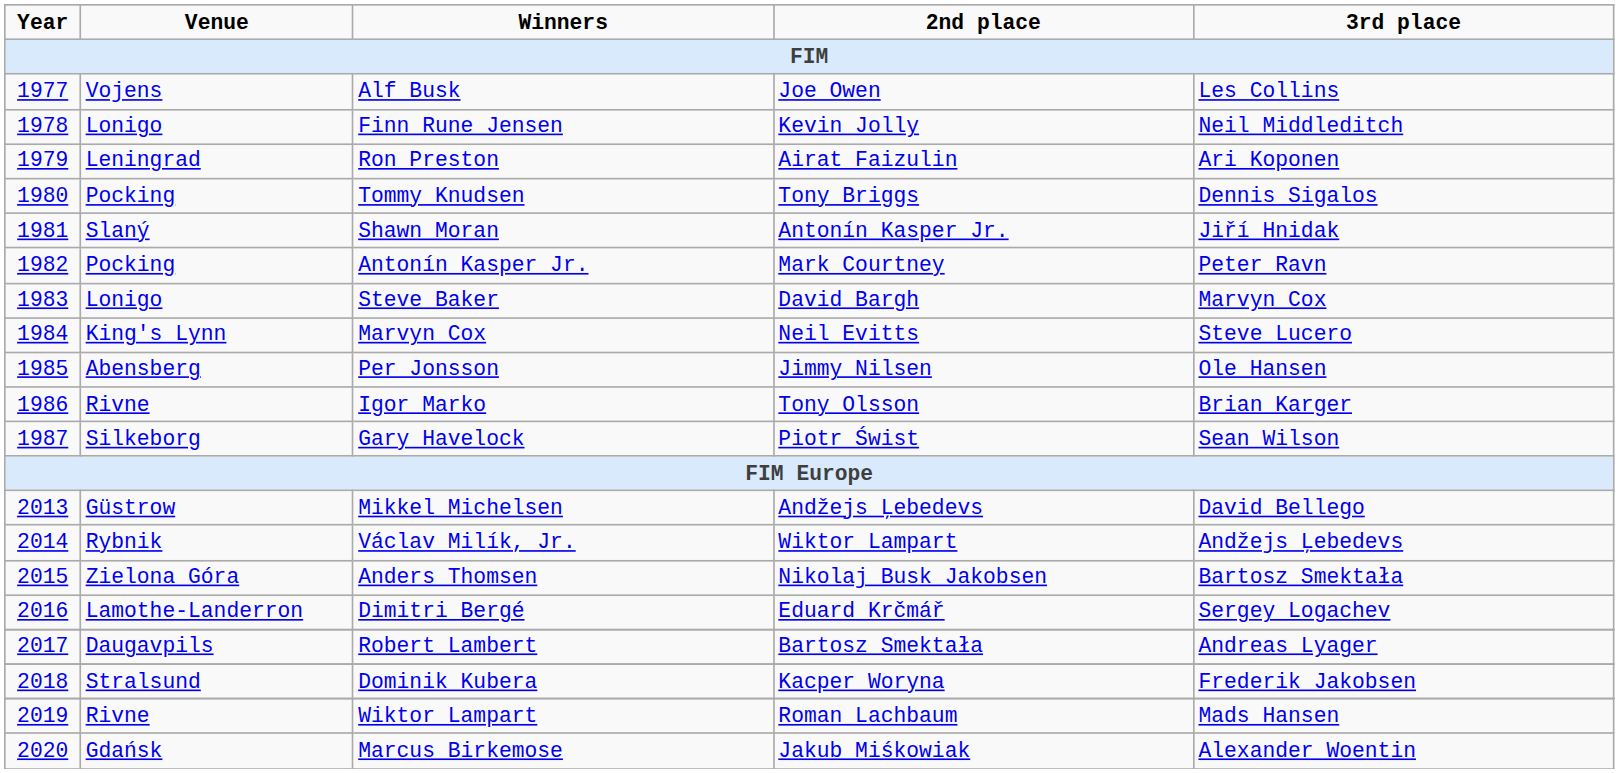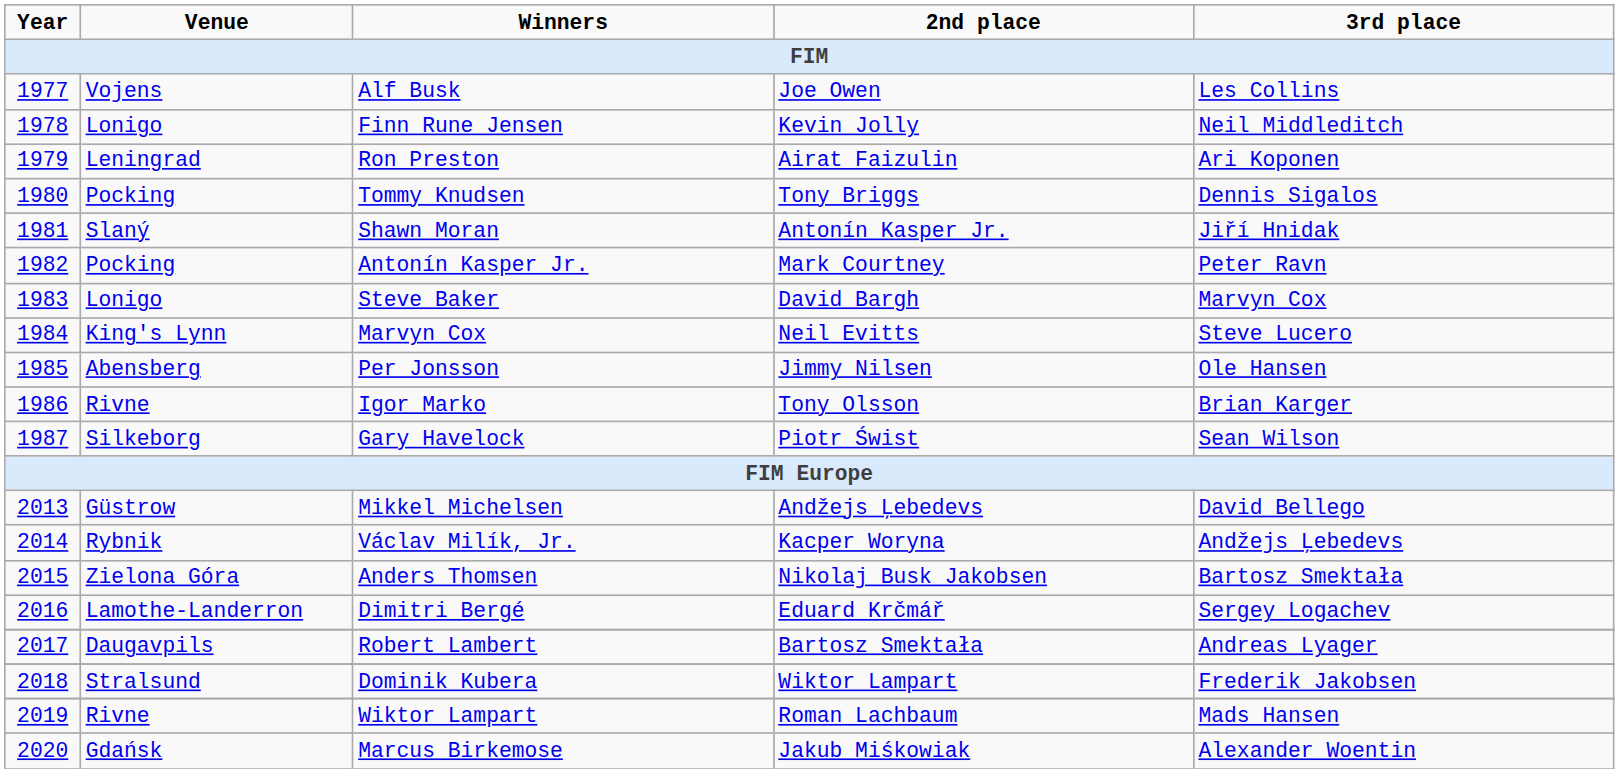 <table class="wikitable">
 <tr align=center>
 <td width=40px  ><strong>Year</strong></td>
 <td width=160px ><strong>Venue</strong></td>
 <td width=250px ><strong>Winners</strong></td>
 <td width=250px ><strong>2nd place</strong></td>
 <td width=250px ><strong>3rd place</strong></td>
 </tr>
 <tr class="sortbottom">
 <td colspan="6" style="border:0;opacity:.75; background-color:#D0E6FF"; align=center><strong>FIM</strong></td>
 </tr>
 <tr>
 <td align=center><a href='#'>1977</a></td>
 <td> <a href='#'>Vojens</a></td>
 <td> <a href='#'>Alf Busk</a></td>
 <td> <a href='#'>Joe Owen</a></td>
 <td> <a href='#'>Les Collins</a></td>
 </tr>
 <tr>
 <td align=center><a href='#'>1978</a></td>
 <td> <a href='#'>Lonigo</a></td>
 <td> <a href='#'>Finn Rune Jensen</a></td>
 <td> <a href='#'>Kevin Jolly</a></td>
 <td> <a href='#'>Neil Middleditch</a></td>
 </tr>
 <tr>
 <td align=center><a href='#'>1979</a></td>
 <td> <a href='#'>Leningrad</a></td>
 <td> <a href='#'>Ron Preston</a></td>
 <td> <a href='#'>Airat Faizulin</a></td>
 <td> <a href='#'>Ari Koponen</a></td>
 </tr>
 <tr>
 <td align=center><a href='#'>1980</a></td>
 <td> <a href='#'>Pocking</a></td>
 <td> <a href='#'>Tommy Knudsen</a></td>
 <td> <a href='#'>Tony Briggs</a></td>
 <td> <a href='#'>Dennis Sigalos</a></td>
 </tr>
 <tr>
 <td align=center><a href='#'>1981</a></td>
 <td> <a href='#'>Slaný</a></td>
 <td> <a href='#'>Shawn Moran</a></td>
 <td> <a href='#'>Antonín Kasper Jr.</a></td>
 <td> <a href='#'>Jiří Hnidak</a></td>
 </tr>
 <tr>
 <td align=center><a href='#'>1982</a></td>
 <td> <a href='#'>Pocking</a></td>
 <td> <a href='#'>Antonín Kasper Jr.</a></td>
 <td> <a href='#'>Mark Courtney</a></td>
 <td> <a href='#'>Peter Ravn</a></td>
 </tr>
 <tr>
 <td align=center><a href='#'>1983</a></td>
 <td> <a href='#'>Lonigo</a></td>
 <td> <a href='#'>Steve Baker</a></td>
 <td> <a href='#'>David Bargh</a></td>
 <td> <a href='#'>Marvyn Cox</a></td>
 </tr>
 <tr>
 <td align=center><a href='#'>1984</a></td>
 <td> <a href='#'>King's Lynn</a></td>
 <td> <a href='#'>Marvyn Cox</a></td>
 <td> <a href='#'>Neil Evitts</a></td>
 <td> <a href='#'>Steve Lucero</a></td>
 </tr>
 <tr>
 <td align=center><a href='#'>1985</a></td>
 <td> <a href='#'>Abensberg</a></td>
 <td> <a href='#'>Per Jonsson</a></td>
 <td> <a href='#'>Jimmy Nilsen</a></td>
 <td> <a href='#'>Ole Hansen</a></td>
 </tr>
 <tr>
 <td align=center><a href='#'>1986</a></td>
 <td> <a href='#'>Rivne</a></td>
 <td> <a href='#'>Igor Marko</a></td>
 <td> <a href='#'>Tony Olsson</a></td>
 <td> <a href='#'>Brian Karger</a></td>
 </tr>
 <tr>
 <td align=center><a href='#'>1987</a></td>
 <td> <a href='#'>Silkeborg</a></td>
 <td> <a href='#'>Gary Havelock</a></td>
 <td> <a href='#'>Piotr Świst</a></td>
 <td> <a href='#'>Sean Wilson</a></td>
 </tr>
 <tr>
 </tr>
 <tr class="sortbottom">
 <td colspan="6" style="border:0;opacity:.75; background-color:#D0E6FF"; align=center><strong>FIM Europe</strong></td>
 </tr>
 <tr>
 <td align=center><a href='#'>2013</a></td>
 <td> <a href='#'>Güstrow</a></td>
 <td> <a href='#'>Mikkel Michelsen</a></td>
 <td> <a href='#'>Andžejs Ļebedevs</a></td>
 <td> <a href='#'>David Bellego</a></td>
 </tr>
 <tr>
 <td align=center><a href='#'>2014</a></td>
 <td> <a href='#'>Rybnik</a></td>
 <td> <a href='#'>Václav Milík, Jr.</a></td>
-<td> <a href='#'>Wiktor Lampart</a></td>
+<td> <a href='#'>Kacper Woryna</a></td>
 <td> <a href='#'>Andžejs Ļebedevs</a></td>
 </tr>
 <tr>
 <td align=center><a href='#'>2015</a></td>
 <td> <a href='#'>Zielona Góra</a></td>
 <td> <a href='#'>Anders Thomsen</a></td>
 <td> <a href='#'>Nikolaj Busk Jakobsen</a></td>
 <td> <a href='#'>Bartosz Smektała</a></td>
 </tr>
 <tr>
 <td align=center><a href='#'>2016</a></td>
 <td> <a href='#'>Lamothe-Landerron</a></td>
 <td> <a href='#'>Dimitri Bergé</a></td>
 <td> <a href='#'>Eduard Krčmář</a></td>
 <td> <a href='#'>Sergey Logachev</a></td>
 </tr>
 <tr align=center>
 </tr>
 <tr>
 <td align=center><a href='#'>2017</a></td>
 <td> <a href='#'>Daugavpils</a></td>
 <td> <a href='#'>Robert Lambert</a></td>
 <td> <a href='#'>Bartosz Smektała</a></td>
 <td> <a href='#'>Andreas Lyager</a></td>
 </tr>
 <tr align=center>
 </tr>
 <tr>
 <td align=center><a href='#'>2018</a></td>
 <td> <a href='#'>Stralsund</a></td>
 <td> <a href='#'>Dominik Kubera</a></td>
-<td> <a href='#'>Kacper Woryna</a></td>
+<td> <a href='#'>Wiktor Lampart</a></td>
 <td> <a href='#'>Frederik Jakobsen</a></td>
 </tr>
 <tr align=center>
 </tr>
 <tr>
 <td align=center><a href='#'>2019</a></td>
 <td> <a href='#'>Rivne</a></td>
 <td> <a href='#'>Wiktor Lampart</a></td>
 <td> <a href='#'>Roman Lachbaum</a></td>
 <td> <a href='#'>Mads Hansen</a></td>
 </tr>
 <tr>
 <td align=center><a href='#'>2020</a></td>
 <td> <a href='#'>Gdańsk</a></td>
 <td> <a href='#'>Marcus Birkemose</a></td>
 <td> <a href='#'>Jakub Miśkowiak</a></td>
 <td> <a href='#'>Alexander Woentin</a></td>
 </tr>
 </table>
